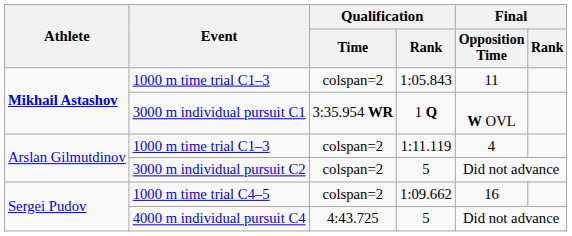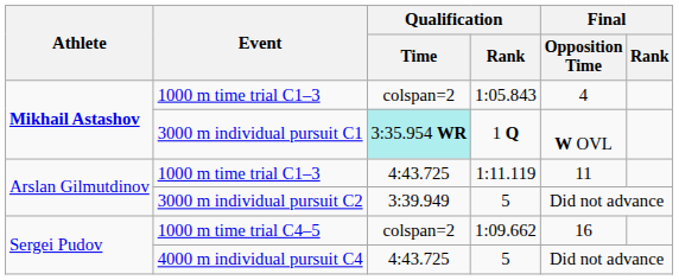 <table class=wikitable style="text-align:center; font-size:90%">
 <tr>
 <th rowspan=2>Athlete</th>
 <th rowspan=2>Event</th>
 <th colspan=2>Qualification</th>
 <th colspan=2>Final</th>
 </tr>
 <tr style="font-size:95%">
 <th>Time</th>
 <th>Rank</th>
 <th>Opposition<br>Time</th>
 <th>Rank</th>
 </tr>
 <tr>
 <td rowspan=2 align=left><strong><a href='#'>Mikhail Astashov</a></strong></td>
 <td align=left><a href='#'>1000 m time trial C1–3</a></td>
 <td>colspan=2 </td>
 <td>1:05.843</td>
-<td>11</td>
+<td>4</td>
 </tr>
 <tr>
 <td align=left><a href='#'>3000 m individual pursuit C1</a></td>
-<td>3:35.954 <strong>WR</strong></td>
+<td style="background: paleturquoise;">3:35.954 <strong>WR</strong></td>
 <td>1 <strong>Q</strong></td>
 <td><br><strong>W</strong> OVL</td>
 <td></td>
 </tr>
 <tr>
 <td rowspan=2 align=left><a href='#'>Arslan Gilmutdinov</a></td>
 <td align=left><a href='#'>1000 m time trial C1–3</a></td>
-<td>colspan=2 </td>
+<td>4:43.725</td>
 <td>1:11.119</td>
-<td>4</td>
+<td>11</td>
 </tr>
 <tr>
 <td align=left><a href='#'>3000 m individual pursuit C2</a></td>
-<td>colspan=2 </td>
+<td>3:39.949</td>
 <td>5</td>
 <td colspan=2>Did not advance</td>
 </tr>
 <tr>
 <td rowspan=2 align=left><a href='#'>Sergei Pudov</a></td>
 <td align=left><a href='#'>1000 m time trial C4–5</a></td>
 <td>colspan=2 </td>
 <td>1:09.662</td>
 <td>16</td>
 </tr>
 <tr>
 <td align=left><a href='#'>4000 m individual pursuit C4</a></td>
 <td>4:43.725</td>
 <td>5</td>
 <td colspan=2>Did not advance</td>
 </tr>
 </table>
